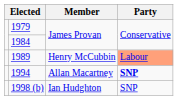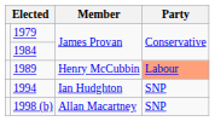 <table class="wikitable">
 <tr>
 <th colspan="2">Elected</th>
 <th>Member</th>
 <th>Party</th>
 </tr>
 <tr>
 <td rowspan="2" style="background-color: "></td>
 <td><a href='#'>1979</a></td>
 <td rowspan="2"><a href='#'>James Provan</a></td>
 <td rowspan="2"><a href='#'>Conservative</a></td>
 </tr>
 <tr>
 <td><a href='#'>1984</a></td>
 </tr>
 <tr>
 <td style="background-color: "></td>
 <td><a href='#'>1989</a></td>
 <td><a href='#'>Henry McCubbin</a></td>
 <td style="background: lightsalmon;"><a href='#'>Labour</a></td>
 </tr>
 <tr>
 <td style="background-color: "></td>
 <td><a href='#'>1994</a></td>
-<td><a href='#'>Allan Macartney</a></td>
-<td><strong><a href='#'>SNP</a></strong></td>
+<td><a href='#'>Ian Hudghton</a></td>
+<td><a href='#'>SNP</a></td>
 </tr>
 <tr>
 <td style="background-color: "></td>
 <td><a href='#'>1998 (b)</a></td>
-<td><a href='#'>Ian Hudghton</a></td>
+<td><a href='#'>Allan Macartney</a></td>
 <td><a href='#'>SNP</a></td>
 </tr>
 </table>
